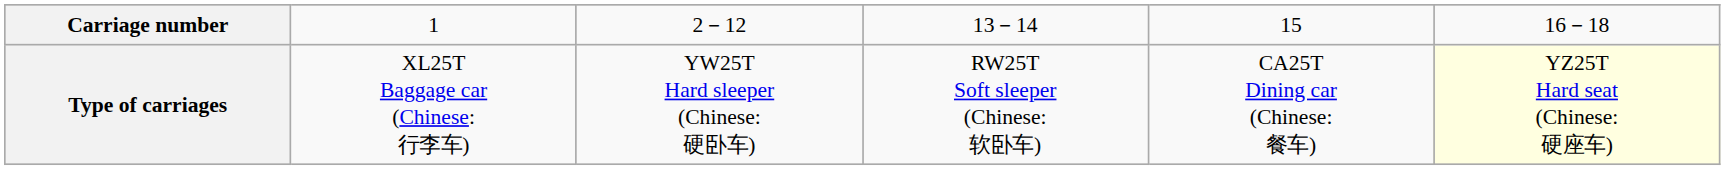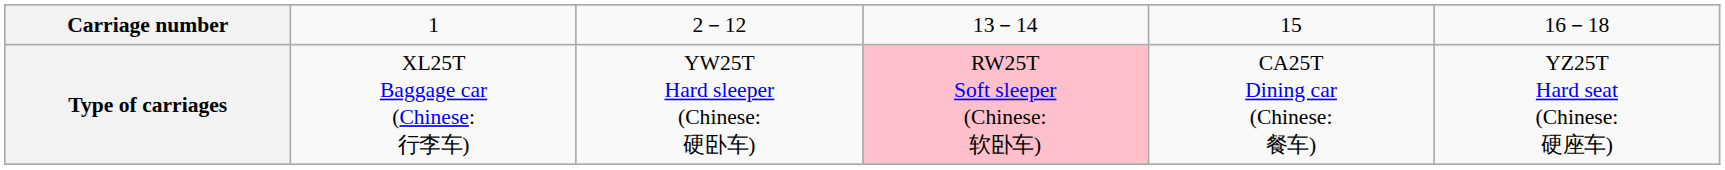 <table class="wikitable" style="text-align: center; font-size: small;">
 <tr>
 <th>Carriage number</th>
 <td>1</td>
 <td>2－12</td>
 <td>13－14</td>
 <td>15</td>
 <td>16－18</td>
 </tr>
 <tr>
 <th style="width: 10%;">Type of carriages</th>
 <td style="width: 10%;">XL25T<br><a href='#'>Baggage car</a><br>(<a href='#'>Chinese</a>:<br>行李车)</td>
 <td style="width: 10%;">YW25T<br><a href='#'>Hard sleeper</a><br>(Chinese:<br>硬卧车)</td>
-<td style="width: 10%;">RW25T<br><a href='#'>Soft sleeper</a><br>(Chinese:<br>软卧车)</td>
+<td style="background: pink; width: 10%;">RW25T<br><a href='#'>Soft sleeper</a><br>(Chinese:<br>软卧车)</td>
 <td style="width: 10%;">CA25T<br><a href='#'>Dining car</a><br>(Chinese:<br>餐车)</td>
-<td style="background: lightyellow; width: 10%;">YZ25T<br><a href='#'>Hard seat</a><br>(Chinese:<br>硬座车)</td>
+<td style="width: 10%;">YZ25T<br><a href='#'>Hard seat</a><br>(Chinese:<br>硬座车)</td>
 </tr>
 </table>
